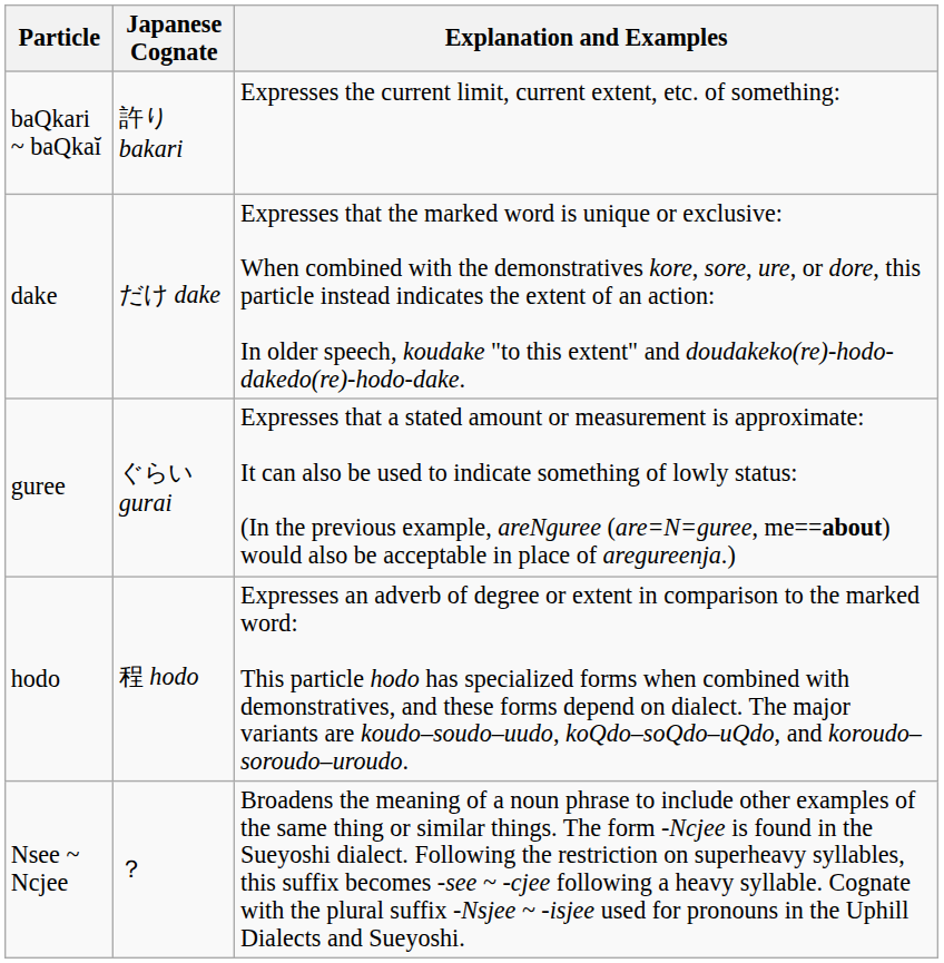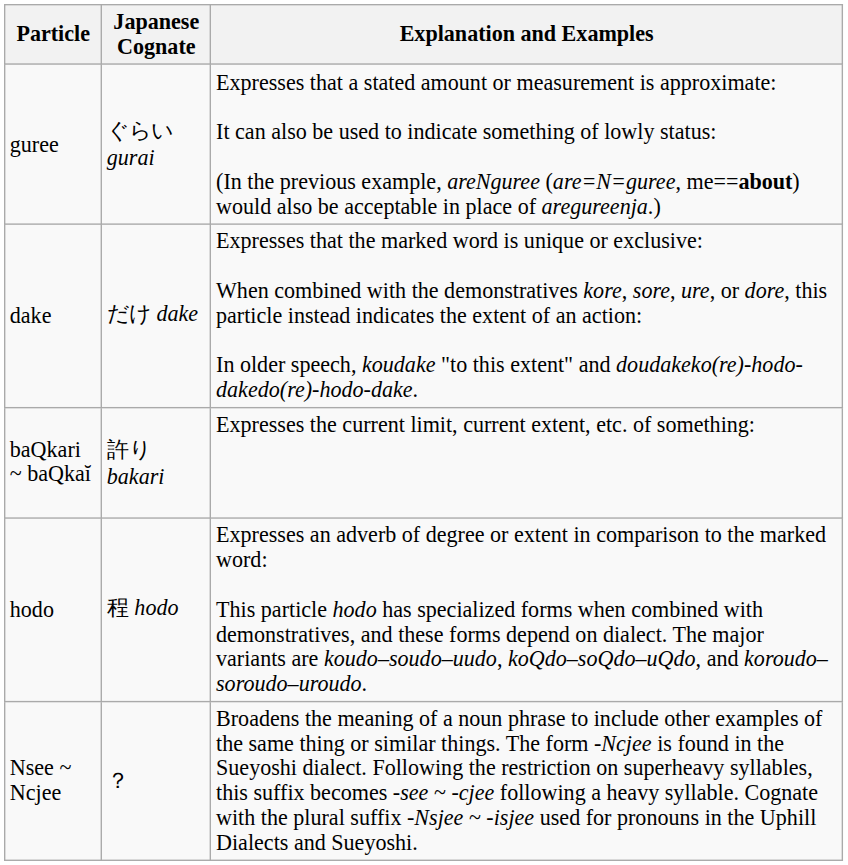 <table class="wikitable">
 <tr>
 <th>Particle</th>
 <th>Japanese Cognate</th>
 <th>Explanation and Examples</th>
 </tr>
 <tr>
-<td>baQkari ~ baQkaĭ</td>
-<td>許り <em>bakari</em></td>
-<td>Expresses the current limit, current extent, etc. of something:<br><br> <br><br></td>
+<td>guree</td>
+<td>ぐらい <em>gurai</em></td>
+<td>Expresses that a stated amount or measurement is approximate:<br><br>It can also be used to indicate something of lowly status:<br><br>(In the previous example, <em>areNguree</em> (<em>are=N=guree</em>, me==<strong>about</strong>) would also be acceptable in place of <em>aregureenja</em>.)</td>
 </tr>
 <tr>
 <td>dake</td>
 <td>だけ <em>dake</em></td>
 <td>Expresses that the marked word is unique or exclusive:<br><br>When combined with the demonstratives <em>kore</em>, <em>sore</em>, <em>ure</em>, or <em>dore</em>, this particle instead indicates the extent of an action:<br><br>In older speech, <em>koudake</em> "to this extent" and <em>doudake</em><em>ko(re)-hodo-dake</em><em>do(re)-hodo-dake</em>.</td>
 </tr>
 <tr>
-<td>guree</td>
-<td>ぐらい <em>gurai</em></td>
-<td>Expresses that a stated amount or measurement is approximate:<br><br>It can also be used to indicate something of lowly status:<br><br>(In the previous example, <em>areNguree</em> (<em>are=N=guree</em>, me==<strong>about</strong>) would also be acceptable in place of <em>aregureenja</em>.)</td>
+<td>baQkari ~ baQkaĭ</td>
+<td>許り <em>bakari</em></td>
+<td>Expresses the current limit, current extent, etc. of something:<br><br> <br><br></td>
 </tr>
 <tr>
 <td>hodo</td>
 <td>程 <em>hodo</em></td>
 <td>Expresses an adverb of degree or extent in comparison to the marked word:<br><br>This particle <em>hodo</em> has specialized forms when combined with demonstratives, and these forms depend on dialect. The major variants are <em>koudo</em>–<em>soudo</em>–<em>uudo</em>, <em>koQdo</em>–<em>soQdo</em>–<em>uQdo</em>, and <em>koroudo</em>–<em>soroudo</em>–<em>uroudo</em>.<br></td>
 </tr>
 <tr>
 <td>Nsee ~ Ncjee</td>
 <td>？</td>
 <td>Broadens the meaning of a noun phrase to include other examples of the same thing or similar things. The form <em>-Ncjee</em> is found in the Sueyoshi dialect. Following the restriction on superheavy syllables, this suffix becomes <em>-see</em> ~ <em>-cjee</em> following a heavy syllable. Cognate with the plural suffix <em>-Nsjee</em> ~ <em>-isjee</em> used for pronouns in the Uphill Dialects and Sueyoshi.</td>
 </tr>
 </table>
